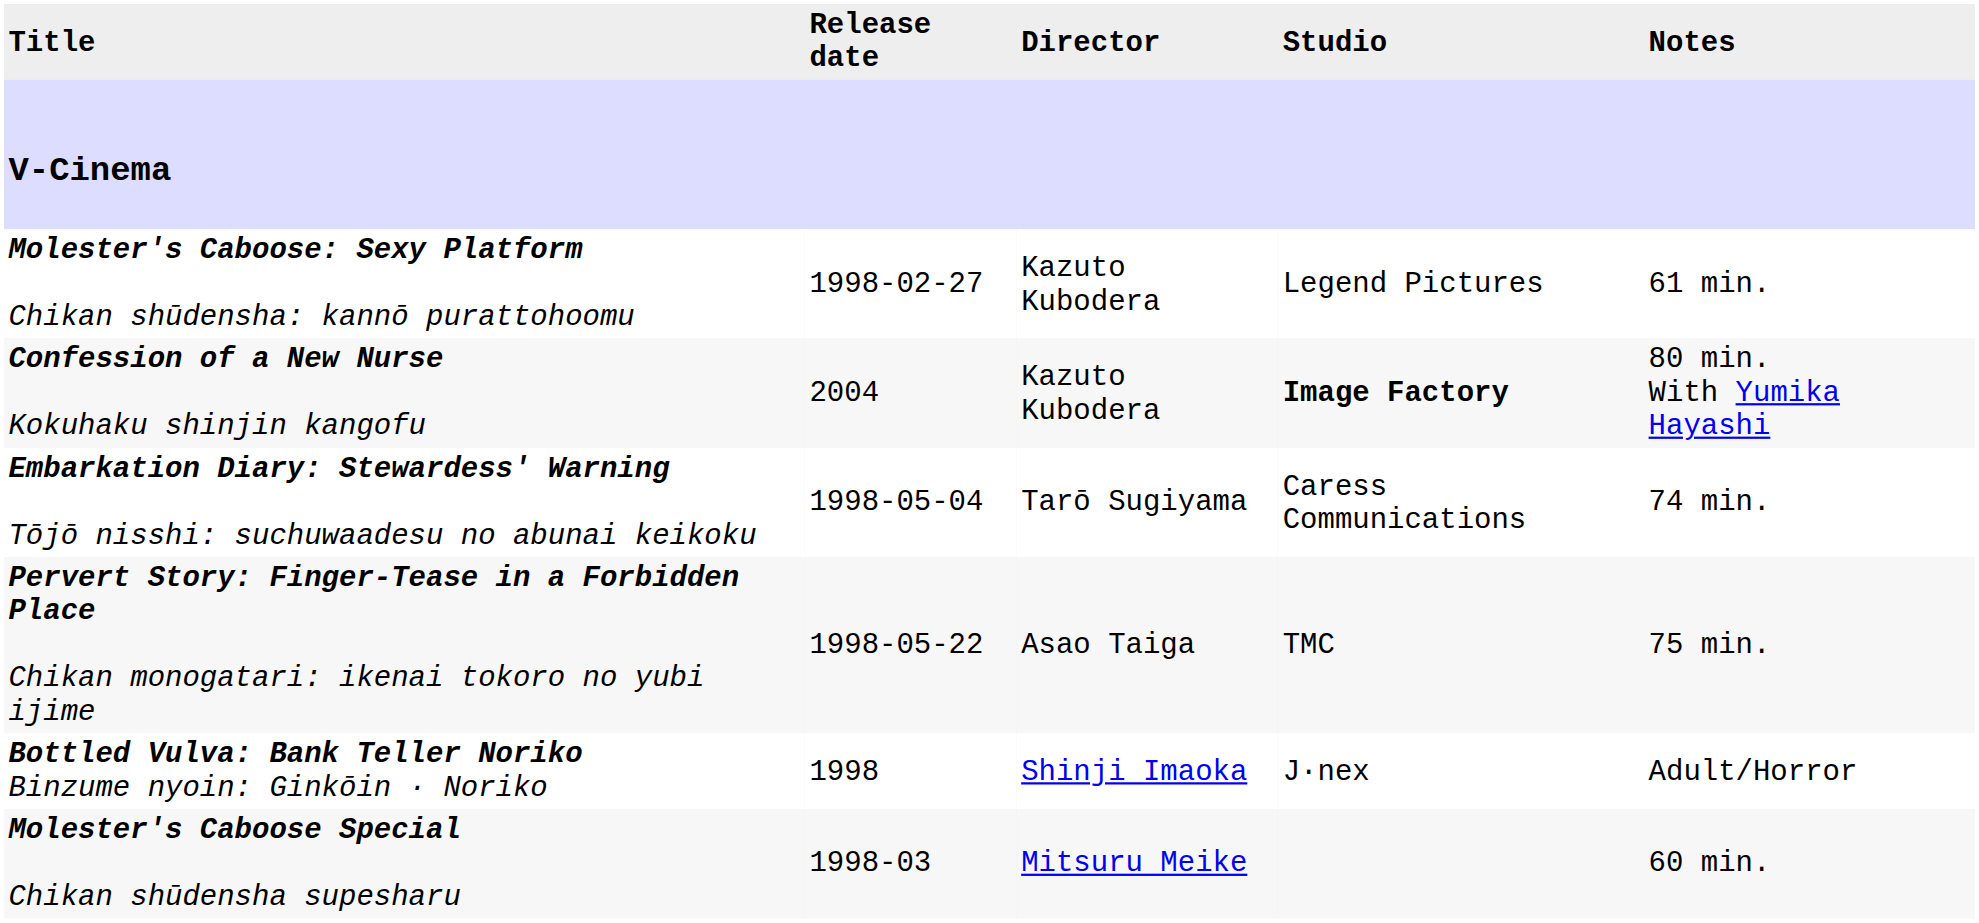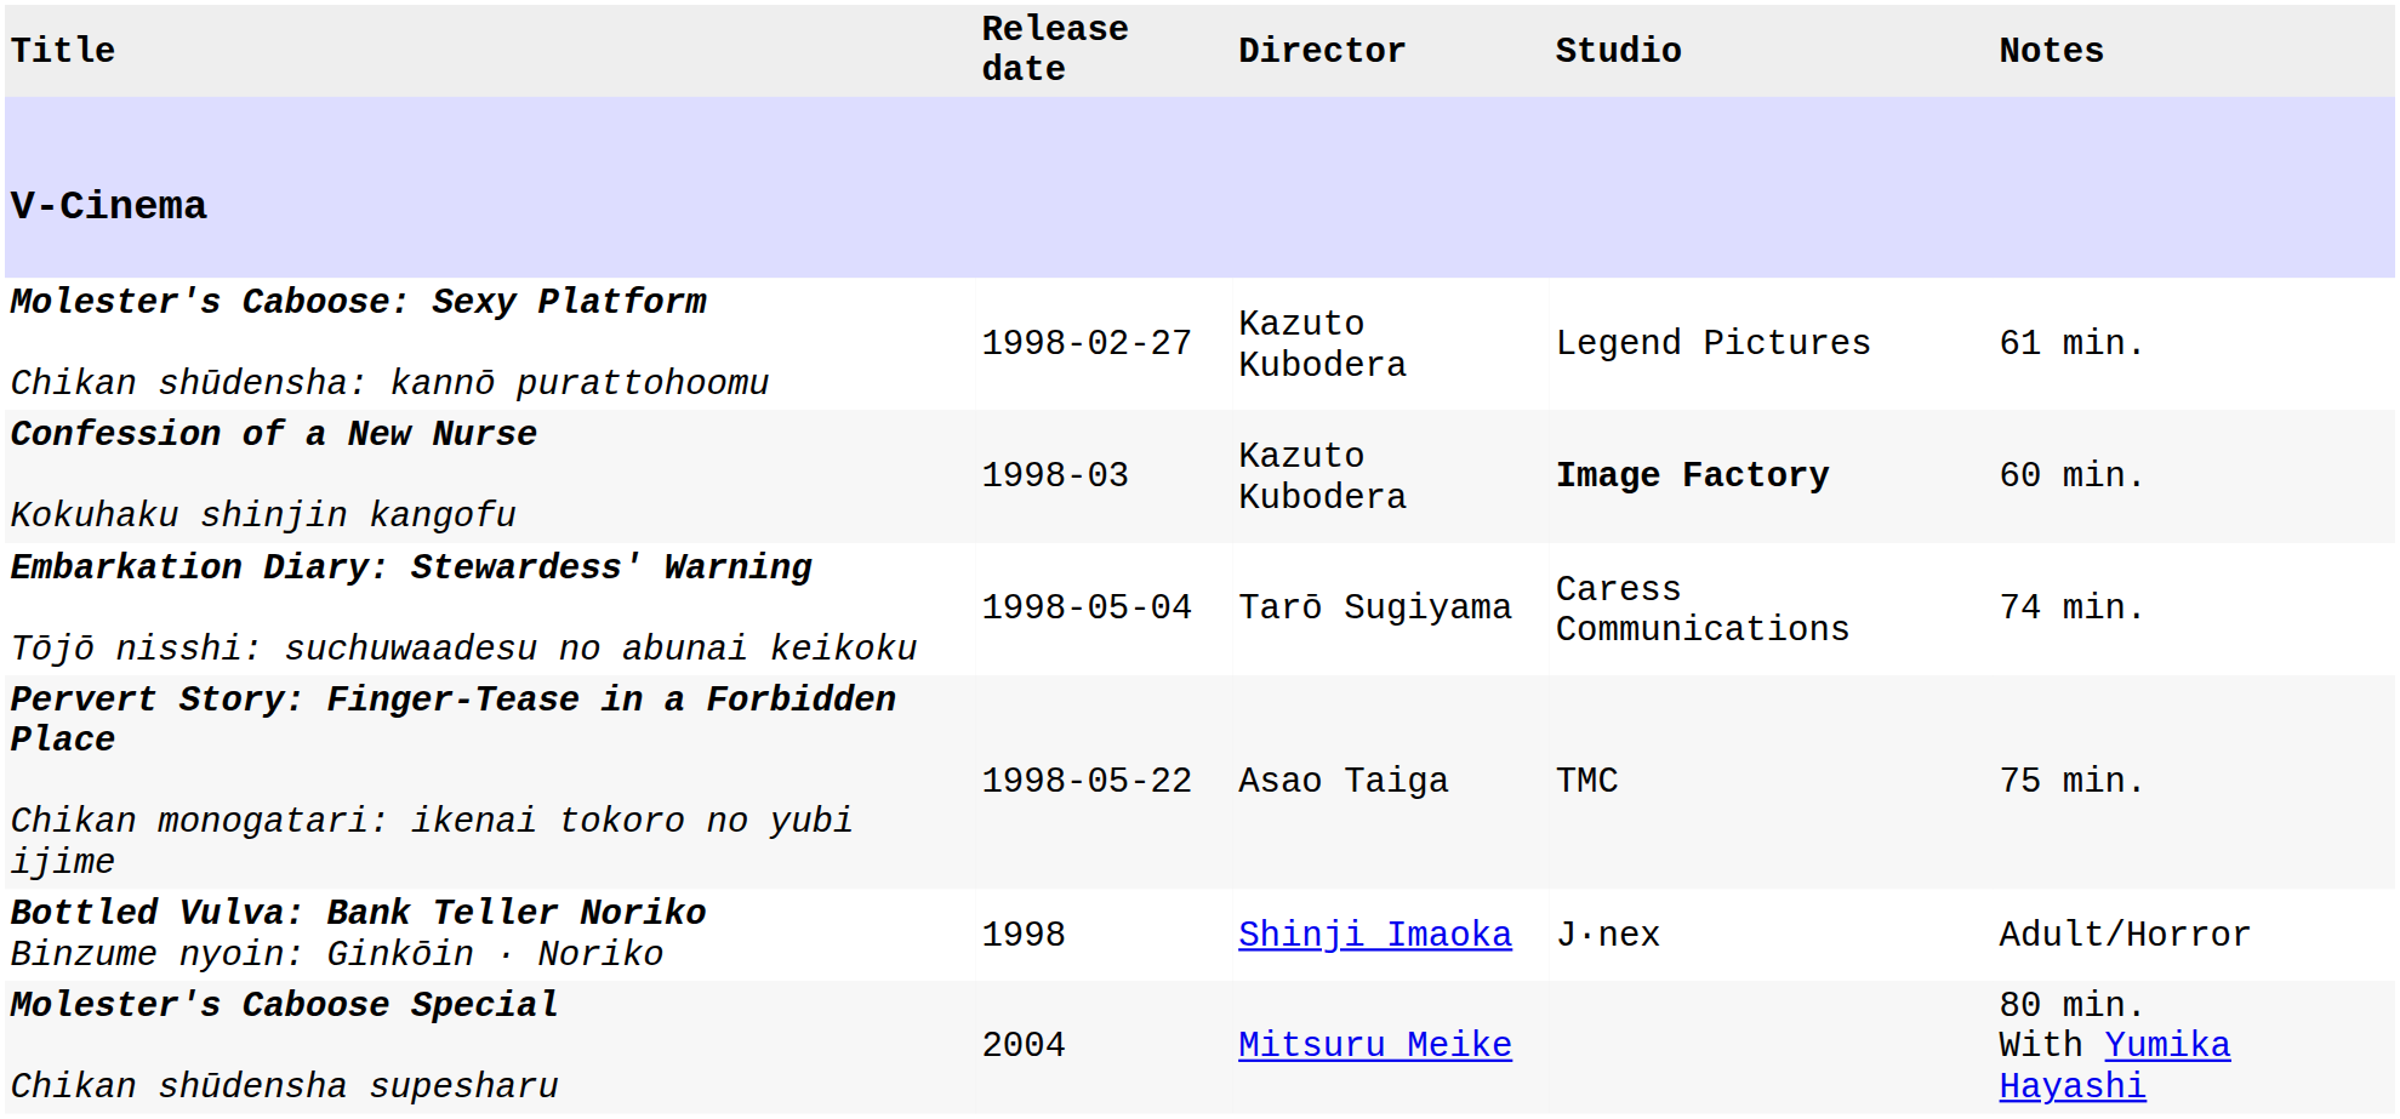 <table cellpadding=2 style="width:100%; text-align:left; border-width:0px; border-collapse:collapse; background:#eee;">
 <tr>
 <th>Title</th>
 <th>Release date</th>
 <th>Director</th>
 <th>Studio</th>
 <th>Notes</th>
 </tr>
 <tr>
 <td colspan=6 style=background-color:#ddf;><br><h3>V-Cinema</h3></td>
 </tr>
 <tr style=background:#fff;>
 <td><strong><em>Molester's Caboose: Sexy Platform</em></strong><br><br><em>Chikan shūdensha: kannō purattohoomu</em></td>
 <td>1998-02-27</td>
 <td>Kazuto Kubodera</td>
 <td>Legend Pictures</td>
 <td>61 min.</td>
 </tr>
 <tr style=background:#f7f7f7;>
 <td><strong><em>Confession of a New Nurse</em></strong><br><br><em>Kokuhaku shinjin kangofu</em></td>
-<td>2004</td>
+<td>1998-03</td>
 <td>Kazuto Kubodera</td>
 <td><strong>Image Factory</strong></td>
-<td>80 min.<br>With <a href='#'>Yumika Hayashi</a></td>
+<td>60 min.</td>
 </tr>
 <tr style=background:#fff;>
 <td><strong><em>Embarkation Diary: Stewardess' Warning</em></strong><br><br><em>Tōjō nisshi: suchuwaadesu no abunai keikoku</em></td>
 <td>1998-05-04</td>
 <td>Tarō Sugiyama</td>
 <td>Caress Communications</td>
 <td>74 min.</td>
 </tr>
 <tr style=background:#f7f7f7;>
 <td><strong><em>Pervert Story: Finger-Tease in a Forbidden Place</em></strong><br><br><em>Chikan monogatari: ikenai tokoro no yubi ijime</em></td>
 <td>1998-05-22</td>
 <td>Asao Taiga</td>
 <td>TMC</td>
 <td>75 min.</td>
 </tr>
 <tr style=background:#fff;>
 <td><strong><em>Bottled Vulva: Bank Teller Noriko</em></strong><br><em>Binzume nyoin: Ginkōin · Noriko</em></td>
 <td>1998</td>
 <td><a href='#'>Shinji Imaoka</a></td>
 <td>J·nex</td>
 <td>Adult/Horror</td>
 </tr>
 <tr style=background:#f7f7f7;>
 <td><strong><em>Molester's Caboose Special</em></strong><br><br><em>Chikan shūdensha supesharu</em></td>
-<td>1998-03</td>
+<td>2004</td>
 <td><a href='#'>Mitsuru Meike</a></td>
 <td></td>
-<td>60 min.</td>
+<td>80 min.<br>With <a href='#'>Yumika Hayashi</a></td>
 </tr>
 </table>
